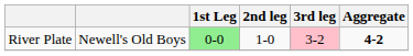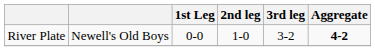 <table class="wikitable" style="text-align: center;">
 <tr>
 <th></th>
 <th></th>
 <th>1st Leg</th>
 <th>2nd leg</th>
 <th>3rd leg</th>
 <th>Aggregate</th>
 </tr>
 <tr>
 <td>River Plate</td>
 <td>Newell's Old Boys</td>
-<td style="background: lightgreen;">0-0</td>
+<td>0-0</td>
 <td>1-0</td>
-<td style="background: pink;">3-2</td>
+<td>3-2</td>
 <td><strong>4-2</strong></td>
 </tr>
 <tr>
 </tr>
 </table>
